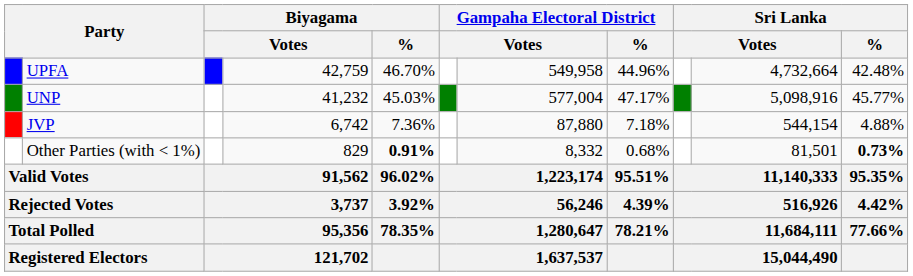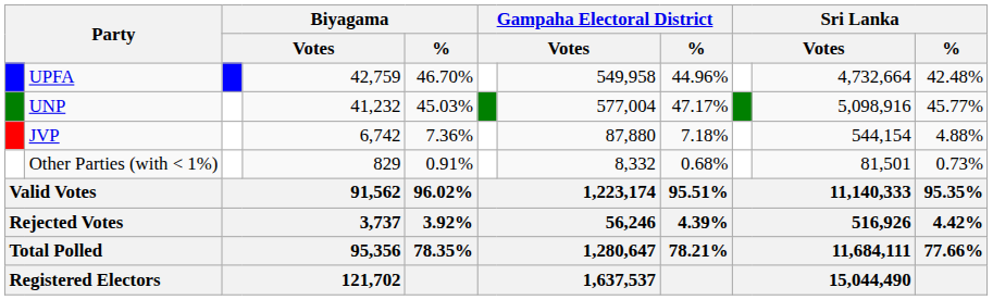 <table class="wikitable">
 <tr>
 <th colspan="2" width="144px"rowspan="2">Party</th>
 <th colspan="3" width="216px">Biyagama</th>
 <th colspan="3" width="216px"><a href='#'>Gampaha Electoral District</a></th>
 <th colspan="3" width="216px">Sri Lanka</th>
 </tr>
 <tr>
 <th colspan="2" width="144px">Votes</th>
 <th>%</th>
 <th colspan="2" width="144px">Votes</th>
 <th>%</th>
 <th colspan="2" width="144px">Votes</th>
 <th>%</th>
 </tr>
 <tr>
 <td style="background-color:blue;" width="10px"></td>
 <td style="text-align:left;"><a href='#'>UPFA</a></td>
 <td style="background-color:blue;" width="10px"></td>
 <td style="text-align:right;">42,759</td>
 <td style="text-align:right;">46.70%</td>
 <td style="background-color:white;" width="10px"></td>
 <td style="text-align:right;">549,958</td>
 <td style="text-align:right;">44.96%</td>
 <td style="background-color:white;" width="10px"></td>
 <td style="text-align:right;">4,732,664</td>
 <td style="text-align:right;">42.48%</td>
 </tr>
 <tr>
 <td style="background-color:green;" width="10px"></td>
 <td style="text-align:left;"><a href='#'>UNP</a></td>
 <td style="background-color:white;" width="10px"></td>
 <td style="text-align:right;">41,232</td>
 <td style="text-align:right;">45.03%</td>
 <td style="background-color:green;" width="10px"></td>
 <td style="text-align:right;">577,004</td>
 <td style="text-align:right;">47.17%</td>
 <td style="background-color:green;" width="10px"></td>
 <td style="text-align:right;">5,098,916</td>
 <td style="text-align:right;">45.77%</td>
 </tr>
 <tr>
 <td style="background-color:red;" width="10px"></td>
 <td style="text-align:left;"><a href='#'>JVP</a></td>
 <td style="background-color:white;" width="10px"></td>
 <td style="text-align:right;">6,742</td>
 <td style="text-align:right;">7.36%</td>
 <td style="background-color:white;" width="10px"></td>
 <td style="text-align:right;">87,880</td>
 <td style="text-align:right;">7.18%</td>
 <td style="background-color:white;" width="10px"></td>
 <td style="text-align:right;">544,154</td>
 <td style="text-align:right;">4.88%</td>
 </tr>
 <tr>
 <td style="background-color:white;" width="10px"></td>
 <td style="text-align:left;">Other Parties (with < 1%)</td>
 <td style="background-color:white;" width="10px"></td>
 <td style="text-align:right;">829</td>
-<td style="text-align:right;"><strong>0.91%</strong></td>
+<td style="text-align:right;">0.91%</td>
 <td style="background-color:white;" width="10px"></td>
 <td style="text-align:right;">8,332</td>
 <td style="text-align:right;">0.68%</td>
 <td style="background-color:white;" width="10px"></td>
 <td style="text-align:right;">81,501</td>
-<td style="text-align:right;"><strong>0.73%</strong></td>
+<td style="text-align:right;">0.73%</td>
 </tr>
 <tr>
 <th colspan="2" width="144px"style="text-align:left;">Valid Votes</th>
 <th style="text-align:right;"colspan="2" width="144px">91,562</th>
 <th style="text-align:right;">96.02%</th>
 <th style="text-align:right;"colspan="2" width="144px">1,223,174</th>
 <th style="text-align:right;">95.51%</th>
 <th style="text-align:right;"colspan="2" width="144px">11,140,333</th>
 <th style="text-align:right;">95.35%</th>
 </tr>
 <tr>
 <th colspan="2" width="144px"style="text-align:left;">Rejected Votes</th>
 <th style="text-align:right;"colspan="2" width="144px">3,737</th>
 <th style="text-align:right;">3.92%</th>
 <th style="text-align:right;"colspan="2" width="144px">56,246</th>
 <th style="text-align:right;">4.39%</th>
 <th style="text-align:right;"colspan="2" width="144px">516,926</th>
 <th style="text-align:right;">4.42%</th>
 </tr>
 <tr>
 <th colspan="2" width="144px"style="text-align:left;">Total Polled</th>
 <th style="text-align:right;"colspan="2" width="144px">95,356</th>
 <th style="text-align:right;">78.35%</th>
 <th style="text-align:right;"colspan="2" width="144px">1,280,647</th>
 <th style="text-align:right;">78.21%</th>
 <th style="text-align:right;"colspan="2" width="144px">11,684,111</th>
 <th style="text-align:right;">77.66%</th>
 </tr>
 <tr>
 <th colspan="2" width="144px"style="text-align:left;">Registered Electors</th>
 <th style="text-align:right;"colspan="2" width="144px">121,702</th>
 <th></th>
 <th style="text-align:right;"colspan="2" width="144px">1,637,537</th>
 <th></th>
 <th style="text-align:right;"colspan="2" width="144px">15,044,490</th>
 <th></th>
 </tr>
 </table>
